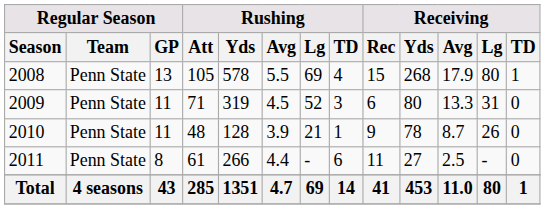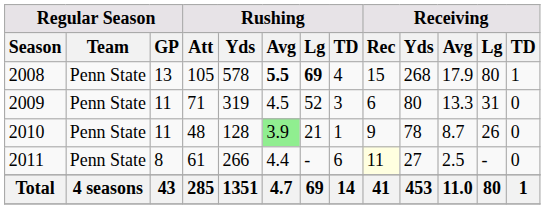 <table class="wikitable">
 <tr>
 <th colspan="3" style="background-color: #e7e3e7"> Regular Season</th>
 <th colspan="5" style="background-color: #e7e3e7">Rushing</th>
 <th colspan="5" style="background-color: #e7e3e7">Receiving</th>
 </tr>
 <tr>
 <th>Season</th>
 <th>Team</th>
 <th>GP</th>
 <th>Att</th>
 <th>Yds</th>
 <th>Avg</th>
 <th>Lg</th>
 <th>TD</th>
 <th>Rec</th>
 <th>Yds</th>
 <th>Avg</th>
 <th>Lg</th>
 <th>TD</th>
 </tr>
 <tr>
 <td>2008</td>
 <td>Penn State</td>
 <td>13</td>
 <td>105</td>
 <td>578</td>
-<td>5.5</td>
-<td>69</td>
+<td><strong>5.5</strong></td>
+<td><strong>69</strong></td>
 <td>4</td>
 <td>15</td>
 <td>268</td>
 <td>17.9</td>
 <td>80</td>
 <td>1</td>
 </tr>
 <tr>
 <td>2009</td>
 <td>Penn State</td>
 <td>11</td>
 <td>71</td>
 <td>319</td>
 <td>4.5</td>
 <td>52</td>
 <td>3</td>
 <td>6</td>
 <td>80</td>
 <td>13.3</td>
 <td>31</td>
 <td>0</td>
 </tr>
 <tr>
 <td>2010</td>
 <td>Penn State</td>
 <td>11</td>
 <td>48</td>
 <td>128</td>
-<td>3.9</td>
+<td style="background: lightgreen;">3.9</td>
 <td>21</td>
 <td>1</td>
 <td>9</td>
 <td>78</td>
 <td>8.7</td>
 <td>26</td>
 <td>0</td>
 </tr>
 <tr>
 <td>2011</td>
 <td>Penn State</td>
 <td>8</td>
 <td>61</td>
 <td>266</td>
 <td>4.4</td>
 <td>-</td>
 <td>6</td>
-<td>11</td>
+<td style="background: lightyellow;">11</td>
 <td>27</td>
 <td>2.5</td>
 <td>-</td>
 <td>0</td>
 </tr>
 <tr>
 </tr>
 <tr>
 </tr>
 <tr>
 <th>Total</th>
 <th>4 seasons</th>
 <th>43</th>
 <th>285</th>
 <th>1351</th>
 <th>4.7</th>
 <th>69</th>
 <th>14</th>
 <th>41</th>
 <th>453</th>
 <th>11.0</th>
 <th>80</th>
 <th>1</th>
 </tr>
 <tr>
 </tr>
 </table>
